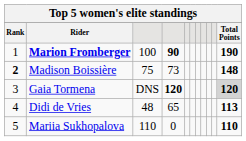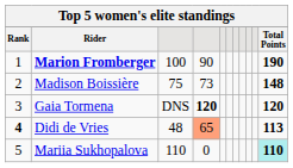 <table class="wikitable sortable">
 <tr>
 <th colspan=12 align="center"><strong>Top 5 women's elite standings</strong></th>
 </tr>
 <tr>
 </tr>
 <tr style="font-size:8pt;font-weight:bold">
 <th align="center">Rank</th>
 <th align="center">Rider</th>
 <th class=unsortable style="background:#E5E4E2;"><small></small></th>
 <th class=unsortable style="background:#E5E4E2;"><small></small></th>
 <th class=unsortable style="background:#E5E4E2;"><small></small></th>
 <th class=unsortable style="background:#E5E4E2;"><small></small></th>
 <th class=unsortable style="background:#E5E4E2;"><small></small></th>
 <th class=unsortable style="background:#E5E4E2;"><small></small></th>
 <th class=unsortable style="background:#E5E4E2;"><small></small></th>
 <th class=unsortable style="background:#E5E4E2;"><small></small></th>
 <th align="center">Total<br>Points</th>
 </tr>
 <tr>
 <td align=center>1</td>
 <td> <strong><a href='#'>Marion Fromberger</a></strong></td>
 <td align=center>100</td>
-<td align=center><strong>90</strong></td>
+<td align=center>90</td>
 <td align=center></td>
 <td align=center></td>
 <td align=center></td>
 <td align=center></td>
 <td align=center></td>
 <td align=center></td>
 <td align=center><strong>190</strong></td>
 </tr>
 <tr>
-<td align=center><strong>2</strong></td>
+<td align=center>2</td>
 <td> <a href='#'>Madison Boissière</a></td>
 <td align=center>75</td>
 <td align=center>73</td>
 <td align=center></td>
 <td align=center></td>
 <td align=center></td>
 <td align=center></td>
 <td align=center></td>
 <td align=center></td>
 <td align=center><strong>148</strong></td>
 </tr>
 <tr>
 <td align=center>3</td>
 <td> <a href='#'>Gaia Tormena</a></td>
 <td align=center>DNS</td>
 <td align=center><strong>120</strong></td>
 <td align=center></td>
 <td align=center></td>
 <td align=center></td>
 <td align=center></td>
 <td align=center></td>
 <td align=center></td>
-<td align=center style="background: lightgrey;"><strong>120</strong></td>
+<td align=center><strong>120</strong></td>
 </tr>
 <tr>
-<td align=center>4</td>
+<td align=center><strong>4</strong></td>
 <td> <a href='#'>Didi de Vries</a></td>
 <td align=center>48</td>
-<td align=center>65</td>
+<td align=center style="background: lightsalmon;">65</td>
 <td align=center></td>
 <td align=center></td>
 <td align=center></td>
 <td align=center></td>
 <td align=center></td>
 <td align=center></td>
 <td align=center><strong>113</strong></td>
 </tr>
 <tr>
 <td align=center>5</td>
 <td> <a href='#'>Mariia Sukhopalova</a></td>
 <td align=center>110</td>
 <td align=center>0</td>
 <td align=center></td>
 <td align=center></td>
 <td align=center></td>
 <td align=center></td>
 <td align=center></td>
 <td align=center></td>
-<td align=center><strong>110</strong><br></td>
+<td align=center style="background: paleturquoise;"><strong>110</strong><br></td>
 </tr>
 </table>
